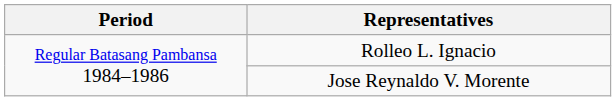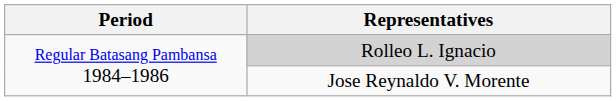 <table class="wikitable" style="text-align:center; width:40%;">
 <tr>
 <th width="40%">Period</th>
 <th>Representatives</th>
 </tr>
 <tr>
 <td rowspan="2"><small><a href='#'>Regular Batasang Pambansa</a></small><br>1984–1986</td>
-<td>Rolleo L. Ignacio</td>
+<td style="background: lightgrey;">Rolleo L. Ignacio</td>
 </tr>
 <tr>
 <td>Jose Reynaldo V. Morente</td>
 </tr>
 </table>
